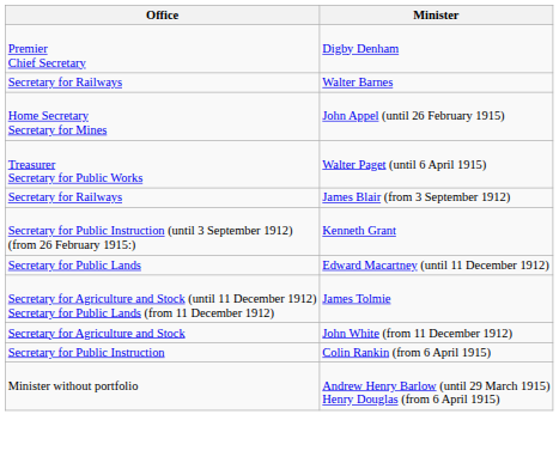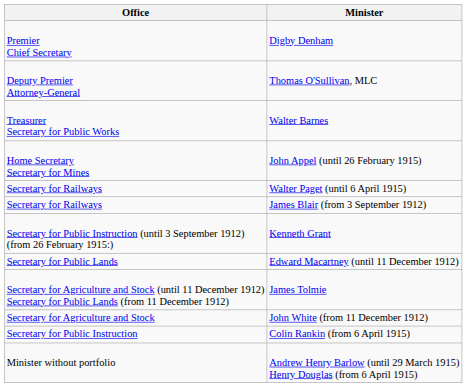 <table class="wikitable">
 <tr>
 <th>Office</th>
 <th>Minister</th>
 </tr>
 <tr>
 <td><br><a href='#'>Premier</a><br> <a href='#'>Chief Secretary</a><br></td>
 <td><a href='#'>Digby Denham</a></td>
 </tr>
 <tr>
-<td><a href='#'>Secretary for Railways</a></td>
+<td><br><a href='#'>Deputy Premier</a><br> <a href='#'>Attorney-General</a></td>
+<td><a href='#'>Thomas O'Sullivan</a>, MLC</td>
+</tr>
+<tr>
+<td><br><a href='#'>Treasurer</a><br> <a href='#'>Secretary for Public Works</a></td>
 <td><a href='#'>Walter Barnes</a></td>
 </tr>
 <tr>
 <td><br><a href='#'>Home Secretary</a><br> <a href='#'>Secretary for Mines</a></td>
 <td><a href='#'>John Appel</a> (until 26 February 1915)</td>
 </tr>
 <tr>
-<td><br><a href='#'>Treasurer</a><br> <a href='#'>Secretary for Public Works</a></td>
+<td><a href='#'>Secretary for Railways</a></td>
 <td><a href='#'>Walter Paget</a> (until 6 April 1915)</td>
 </tr>
 <tr>
 <td><a href='#'>Secretary for Railways</a></td>
 <td><a href='#'>James Blair</a> (from 3 September 1912)</td>
 </tr>
 <tr>
 <td><br><a href='#'>Secretary for Public Instruction</a> (until 3 September 1912)<br>(from 26 February 1915:)</td>
 <td><a href='#'>Kenneth Grant</a></td>
 </tr>
 <tr>
 <td><a href='#'>Secretary for Public Lands</a></td>
 <td><a href='#'>Edward Macartney</a> (until 11 December 1912)</td>
 </tr>
 <tr>
 <td><br><a href='#'>Secretary for Agriculture and Stock</a> (until 11 December 1912)<br> <a href='#'>Secretary for Public Lands</a> (from 11 December 1912)</td>
 <td><a href='#'>James Tolmie</a></td>
 </tr>
 <tr>
 <td><a href='#'>Secretary for Agriculture and Stock</a><br></td>
 <td><a href='#'>John White</a> (from 11 December 1912)</td>
 </tr>
 <tr>
 <td><a href='#'>Secretary for Public Instruction</a><br></td>
 <td><a href='#'>Colin Rankin</a> (from 6 April 1915)</td>
 </tr>
 <tr>
 <td>Minister without portfolio</td>
 <td><br><a href='#'>Andrew Henry Barlow</a> (until 29 March 1915)<br> <a href='#'>Henry Douglas</a> (from 6 April 1915)</td>
 </tr>
 </table>
